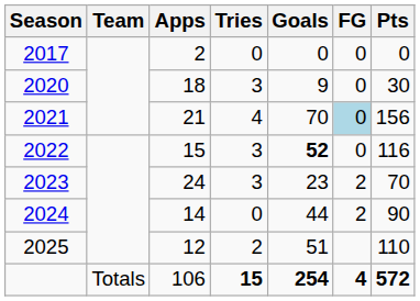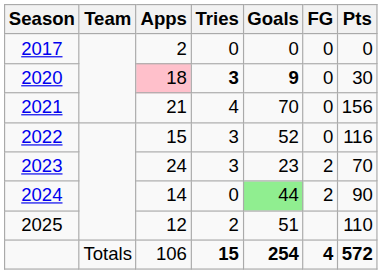 <table class="wikitable sortable">
 <tr>
 <th>Season</th>
 <th>Team</th>
 <th>Apps</th>
 <th>Tries</th>
 <th>Goals</th>
 <th>FG</th>
 <th>Pts</th>
 </tr>
 <tr>
 <td align="center"><a href='#'>2017</a></td>
 <td rowspan="3"></td>
 <td align="right">2</td>
 <td align="right">0</td>
 <td align="right">0</td>
 <td align="right">0</td>
 <td align="right">0</td>
 </tr>
 <tr>
 <td align="center"><a href='#'>2020</a></td>
-<td align="right">18</td>
-<td align="right">3</td>
-<td align="right">9</td>
+<td align="right" style="background: pink;">18</td>
+<td align="right"><strong>3</strong></td>
+<td align="right"><strong>9</strong></td>
 <td align="right">0</td>
 <td align="right">30</td>
 </tr>
 <tr>
 <td align="center"><a href='#'>2021</a></td>
 <td align="right">21</td>
 <td align="right">4</td>
 <td align="right">70</td>
-<td align="right" style="background: lightblue;">0</td>
+<td align="right">0</td>
 <td align="right">156</td>
 </tr>
 <tr>
 <td align="center"><a href='#'>2022</a></td>
 <td rowspan="4"></td>
 <td align="right">15</td>
 <td align="right">3</td>
-<td align="right"><strong>52</strong></td>
+<td align="right">52</td>
 <td align="right">0</td>
 <td align="right">116</td>
 </tr>
 <tr>
 <td align="center"><a href='#'>2023</a></td>
 <td align="right">24</td>
 <td align="right">3</td>
 <td align="right">23</td>
 <td align="right">2</td>
 <td align="right">70</td>
 </tr>
 <tr>
 <td align="center"><a href='#'>2024</a></td>
 <td align="right">14</td>
 <td align="right">0</td>
-<td align="right">44</td>
+<td align="right" style="background: lightgreen;">44</td>
 <td align="right">2</td>
 <td align="right">90</td>
 </tr>
 <tr>
 <td align="center">2025</td>
 <td align="right">12</td>
 <td align="right">2</td>
 <td align="right">51</td>
 <td align="right"></td>
 <td align="right">110</td>
 </tr>
 <tr>
 <td></td>
 <td>Totals</td>
 <td align="right">106</td>
 <td align="right"><strong>15</strong></td>
 <td align="right"><strong>254</strong></td>
 <td align="right"><strong>4</strong></td>
 <td align="right"><strong>572</strong></td>
 </tr>
 </table>
